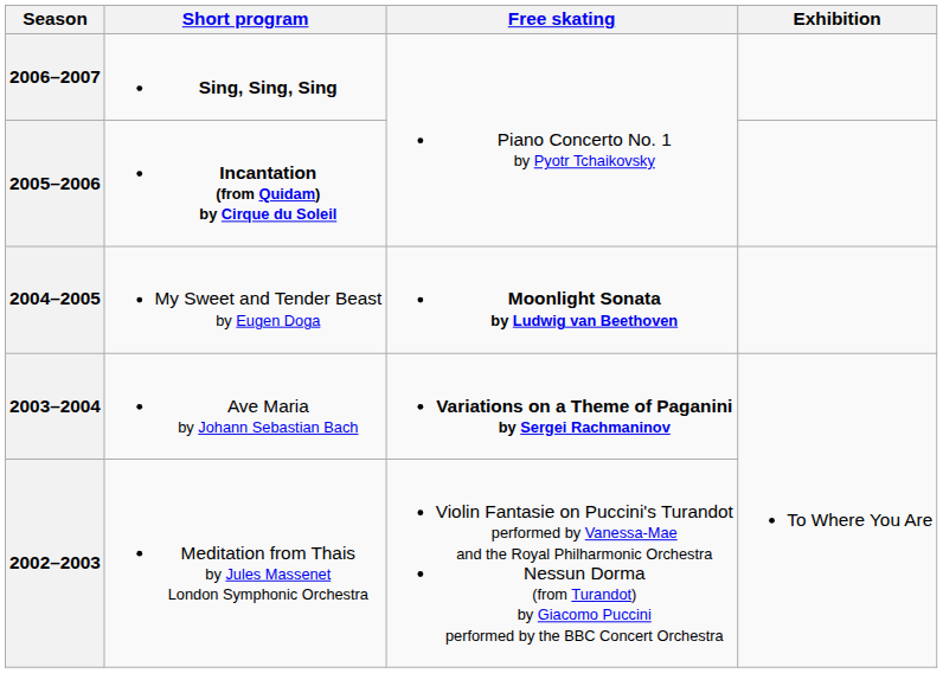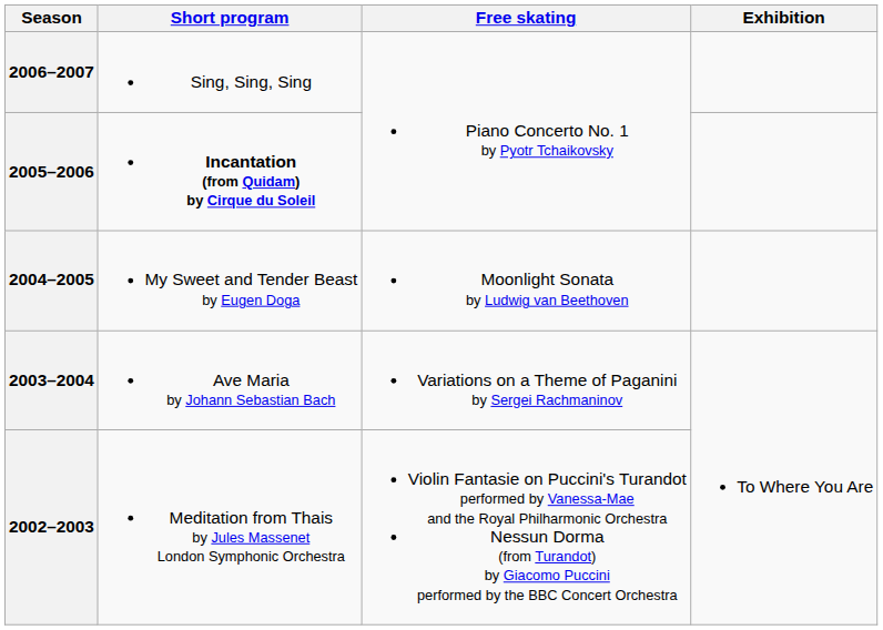 <table class=wikitable style=text-align:center>
 <tr>
 <th>Season</th>
 <th><a href='#'>Short program</a></th>
 <th><a href='#'>Free skating</a></th>
 <th>Exhibition</th>
 </tr>
 <tr>
 <th>2006–2007 <br> </th>
-<td><strong><br><ul><li>Sing, Sing, Sing</li></ul></strong></td>
+<td><br><ul><li>Sing, Sing, Sing</li></ul></td>
 <td rowspan=2><br><ul><li>Piano Concerto No. 1 <br><small> by <a href='#'>Pyotr Tchaikovsky</a> </small></li></ul></td>
 <td></td>
 </tr>
 <tr>
 <th>2005–2006 <br> </th>
 <td><strong><br><ul><li>Incantation <br><small> (from <a href='#'>Quidam</a>) <br> by <a href='#'>Cirque du Soleil</a> </small></li></ul></strong></td>
 <td></td>
 </tr>
 <tr>
 <th>2004–2005 <br> </th>
 <td><br><ul><li>My Sweet and Tender Beast <br><small> by <a href='#'>Eugen Doga</a> </small></li></ul></td>
-<td><strong><br><ul><li>Moonlight Sonata <br><small> by <a href='#'>Ludwig van Beethoven</a> </small></li></ul></strong></td>
+<td><br><ul><li>Moonlight Sonata <br><small> by <a href='#'>Ludwig van Beethoven</a> </small></li></ul></td>
 <td></td>
 </tr>
 <tr>
 <th>2003–2004 <br> </th>
 <td><br><ul><li>Ave Maria <br><small> by <a href='#'>Johann Sebastian Bach</a> </small></li></ul></td>
-<td><strong><br><ul><li>Variations on a Theme of Paganini <br><small> by <a href='#'>Sergei Rachmaninov</a> </small></li></ul></strong></td>
+<td><br><ul><li>Variations on a Theme of Paganini <br><small> by <a href='#'>Sergei Rachmaninov</a> </small></li></ul></td>
 <td rowspan=2><br><ul><li>To Where You Are <br></li></ul></td>
 </tr>
 <tr>
 <th>2002–2003 <br> </th>
 <td><br><ul><li>Meditation from Thais <br><small> by <a href='#'>Jules Massenet</a> <br> London Symphonic Orchestra </small></li></ul></td>
 <td><br><ul><li>Violin Fantasie on Puccini's Turandot <br><small> performed by <a href='#'>Vanessa-Mae</a> <br> and the Royal Philharmonic Orchestra </small></li><li>Nessun Dorma <br><small> (from <a href='#'>Turandot</a>) <br> by <a href='#'>Giacomo Puccini</a> <br> performed by the BBC Concert Orchestra </small></li></ul></td>
 </tr>
 </table>
